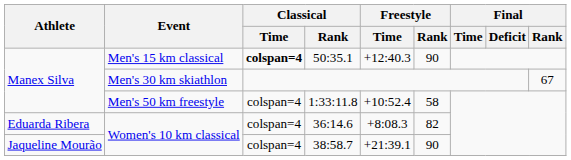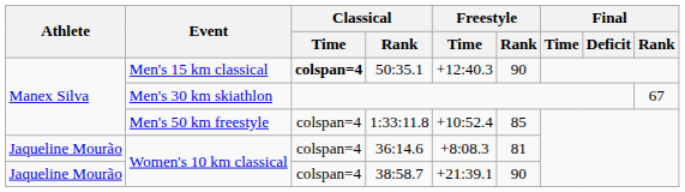 <table class=wikitable style=font-size:90%;text-align:center>
 <tr>
 <th rowspan=2>Athlete</th>
 <th rowspan=2>Event</th>
 <th colspan=2>Classical</th>
 <th colspan=2>Freestyle</th>
 <th colspan=3>Final</th>
 </tr>
 <tr>
 <th>Time</th>
 <th>Rank</th>
 <th>Time</th>
 <th>Rank</th>
 <th>Time</th>
 <th>Deficit</th>
 <th>Rank</th>
 </tr>
 <tr>
 <td align=left rowspan=3><a href='#'>Manex Silva</a></td>
 <td align=left><a href='#'>Men's 15 km classical</a></td>
 <td><strong>colspan=4 </strong></td>
 <td>50:35.1</td>
 <td>+12:40.3</td>
 <td>90</td>
 </tr>
 <tr>
 <td align=left><a href='#'>Men's 30 km skiathlon</a></td>
 <td colspan=6></td>
 <td>67</td>
 </tr>
 <tr>
 <td align=left><a href='#'>Men's 50 km freestyle</a></td>
 <td>colspan=4 </td>
 <td>1:33:11.8</td>
 <td>+10:52.4</td>
-<td>58</td>
+<td>85</td>
 </tr>
 <tr>
-<td align=left><a href='#'>Eduarda Ribera</a></td>
+<td align=left><a href='#'>Jaqueline Mourão</a></td>
 <td align=left rowspan=2><a href='#'>Women's 10 km classical</a></td>
 <td>colspan=4 </td>
 <td>36:14.6</td>
 <td>+8:08.3</td>
-<td>82</td>
+<td>81</td>
 </tr>
 <tr>
 <td align=left><a href='#'>Jaqueline Mourão</a></td>
 <td>colspan=4 </td>
 <td>38:58.7</td>
 <td>+21:39.1</td>
 <td>90</td>
 </tr>
 </table>
